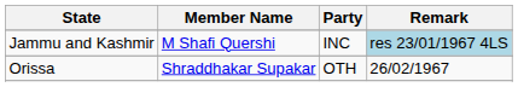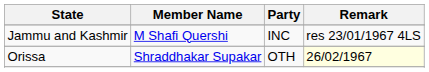 <table class="wikitable sortable">
 <tr>
 <th>State</th>
 <th>Member Name</th>
 <th>Party</th>
 <th>Remark</th>
 </tr>
 <tr>
 </tr>
 <tr>
 <td>Jammu and Kashmir</td>
 <td><a href='#'>M Shafi Quershi</a></td>
 <td>INC</td>
-<td style="background: lightblue;">res 23/01/1967 4LS</td>
+<td>res 23/01/1967 4LS</td>
 </tr>
 <tr>
 </tr>
 <tr>
 <td>Orissa</td>
 <td><a href='#'>Shraddhakar Supakar</a></td>
 <td>OTH</td>
-<td>26/02/1967</td>
+<td style="background: lightyellow;">26/02/1967</td>
 </tr>
 <tr>
 </tr>
 <tr>
 </tr>
 </table>
